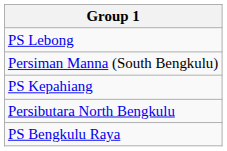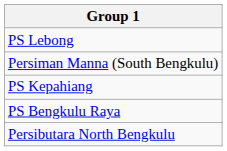 <table class="wikitable">
 <tr>
 <th><strong>Group 1</strong></th>
 </tr>
 <tr>
 <td><a href='#'>PS Lebong</a></td>
 </tr>
 <tr>
 <td><a href='#'>Persiman Manna</a> (South Bengkulu)</td>
 </tr>
 <tr>
 <td><a href='#'>PS Kepahiang</a></td>
 </tr>
 <tr>
+<td><a href='#'>PS Bengkulu Raya</a></td>
+</tr>
+<tr>
 <td><a href='#'>Persibutara North Bengkulu</a></td>
 </tr>
-<tr>
-<td><a href='#'>PS Bengkulu Raya</a></td>
-</tr>
 </table>
